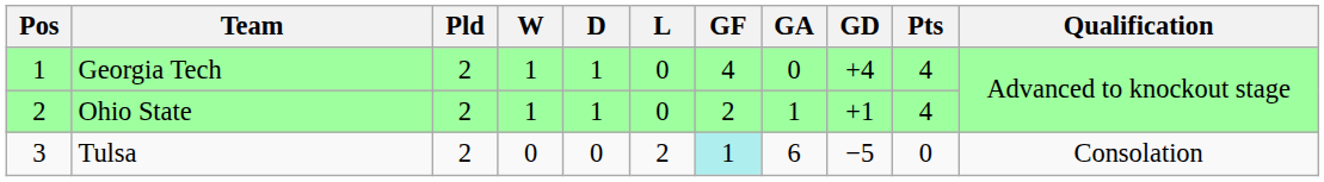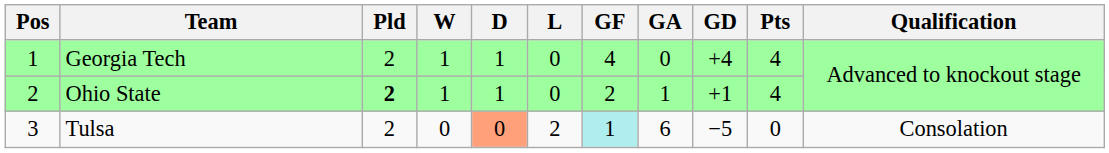 <table class="wikitable" style="text-align:center; margin: 1em auto">
 <tr>
 <th style="width:2em">Pos</th>
 <th style="width:13em">Team</th>
 <th style="width:2em">Pld</th>
 <th style="width:2em">W</th>
 <th style="width:2em">D</th>
 <th style="width:2em">L</th>
 <th style="width:2em">GF</th>
 <th style="width:2em">GA</th>
 <th style="width:2em">GD</th>
 <th style="width:2em">Pts</th>
 <th style="width:13em">Qualification</th>
 </tr>
 <tr bgcolor="#9eff9e">
 <td>1</td>
 <td style="text-align:left">Georgia Tech</td>
 <td>2</td>
 <td>1</td>
 <td>1</td>
 <td>0</td>
 <td>4</td>
 <td>0</td>
 <td>+4</td>
 <td>4</td>
 <td rowspan="2">Advanced to knockout stage</td>
 </tr>
 <tr bgcolor="#9eff9e">
 <td>2</td>
 <td style="text-align:left">Ohio State</td>
-<td>2</td>
+<td><strong>2</strong></td>
 <td>1</td>
 <td>1</td>
 <td>0</td>
 <td>2</td>
 <td>1</td>
 <td>+1</td>
 <td>4</td>
 </tr>
 <tr>
 <td>3</td>
 <td style="text-align:left">Tulsa</td>
 <td>2</td>
 <td>0</td>
-<td>0</td>
+<td style="background: lightsalmon;">0</td>
 <td>2</td>
 <td style="background: paleturquoise;">1</td>
 <td>6</td>
 <td>−5</td>
 <td>0</td>
 <td>Consolation</td>
 </tr>
 </table>
